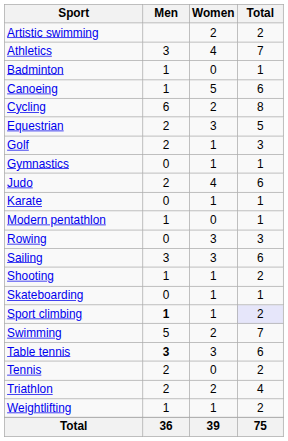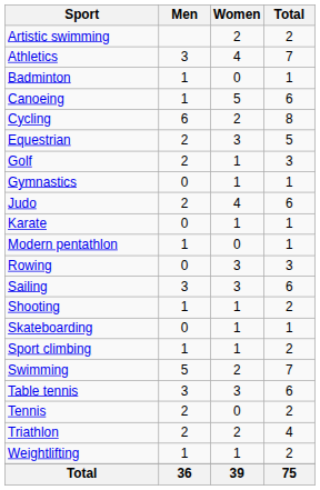 <table class="wikitable sortable" style="text-align:center;">
 <tr>
 <th width=180>Sport</th>
 <th width=55>Men</th>
 <th width=55>Women</th>
 <th width=55>Total</th>
 </tr>
 <tr>
 <td align=left><a href='#'>Artistic swimming</a></td>
 <td></td>
 <td>2</td>
 <td>2</td>
 </tr>
 <tr>
 <td align=left><a href='#'>Athletics</a></td>
 <td>3</td>
 <td>4</td>
 <td>7</td>
 </tr>
 <tr>
 <td align=left><a href='#'>Badminton</a></td>
 <td>1</td>
 <td>0</td>
 <td>1</td>
 </tr>
 <tr>
 <td align=left><a href='#'>Canoeing</a></td>
 <td>1</td>
 <td>5</td>
 <td>6</td>
 </tr>
 <tr>
 <td align=left><a href='#'>Cycling</a></td>
 <td>6</td>
 <td>2</td>
 <td>8</td>
 </tr>
 <tr>
 <td align=left><a href='#'>Equestrian</a></td>
 <td>2</td>
 <td>3</td>
 <td>5</td>
 </tr>
 <tr>
 <td align=left><a href='#'>Golf</a></td>
 <td>2</td>
 <td>1</td>
 <td>3</td>
 </tr>
 <tr>
 <td align=left><a href='#'>Gymnastics</a></td>
 <td>0</td>
 <td>1</td>
 <td>1</td>
 </tr>
 <tr>
 <td align=left><a href='#'>Judo</a></td>
 <td>2</td>
 <td>4</td>
 <td>6</td>
 </tr>
 <tr>
 <td align=left><a href='#'>Karate</a></td>
 <td>0</td>
 <td>1</td>
 <td>1</td>
 </tr>
 <tr>
 <td align=left><a href='#'>Modern pentathlon</a></td>
 <td>1</td>
 <td>0</td>
 <td>1</td>
 </tr>
 <tr>
 <td align=left><a href='#'>Rowing</a></td>
 <td>0</td>
 <td>3</td>
 <td>3</td>
 </tr>
 <tr>
 <td align=left><a href='#'>Sailing</a></td>
 <td>3</td>
 <td>3</td>
 <td>6</td>
 </tr>
 <tr>
 <td align=left><a href='#'>Shooting</a></td>
 <td>1</td>
 <td>1</td>
 <td>2</td>
 </tr>
 <tr>
 <td align=left><a href='#'>Skateboarding</a></td>
 <td>0</td>
 <td>1</td>
 <td>1</td>
 </tr>
 <tr>
 <td align=left><a href='#'>Sport climbing</a></td>
-<td><strong>1</strong></td>
 <td>1</td>
-<td style="background: lavender;">2</td>
+<td>1</td>
+<td>2</td>
 </tr>
 <tr>
 <td align=left><a href='#'>Swimming</a></td>
 <td>5</td>
 <td>2</td>
 <td>7</td>
 </tr>
 <tr>
 <td align=left><a href='#'>Table tennis</a></td>
-<td><strong>3</strong></td>
+<td>3</td>
 <td>3</td>
 <td>6</td>
 </tr>
 <tr>
 <td align=left><a href='#'>Tennis</a></td>
 <td>2</td>
 <td>0</td>
 <td>2</td>
 </tr>
 <tr>
 <td align=left><a href='#'>Triathlon</a></td>
 <td>2</td>
 <td>2</td>
 <td>4</td>
 </tr>
 <tr>
 <td align=left><a href='#'>Weightlifting</a></td>
 <td>1</td>
 <td>1</td>
 <td>2</td>
 </tr>
 <tr>
 </tr>
 <tr class="sortbottom">
 <th>Total</th>
 <th>36</th>
 <th>39</th>
 <th>75</th>
 </tr>
 </table>
